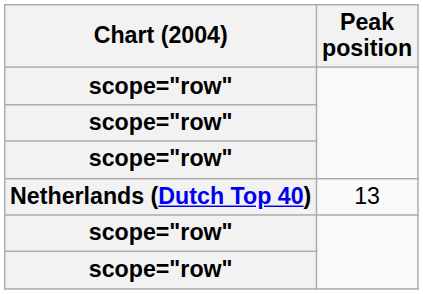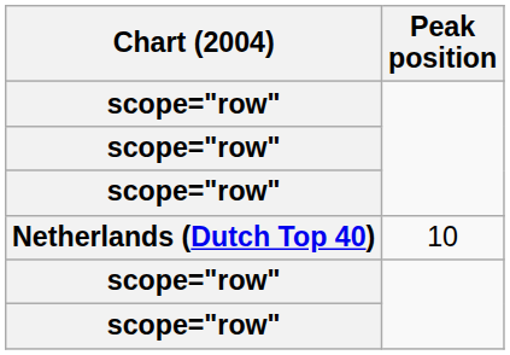 <table class="wikitable plainrowheaders">
 <tr>
 <th scope="col">Chart (2004)</th>
 <th scope="col">Peak<br>position</th>
 </tr>
 <tr>
 <th>scope="row"</th>
 </tr>
 <tr>
 <th>scope="row"</th>
 </tr>
 <tr>
 <th>scope="row"</th>
 </tr>
 <tr>
 <th scope="row">Netherlands (<a href='#'>Dutch Top 40</a>)</th>
-<td align="center">13</td>
+<td align="center">10</td>
 </tr>
 <tr>
 <th>scope="row"</th>
 </tr>
 <tr>
 <th>scope="row"</th>
 </tr>
 </table>
